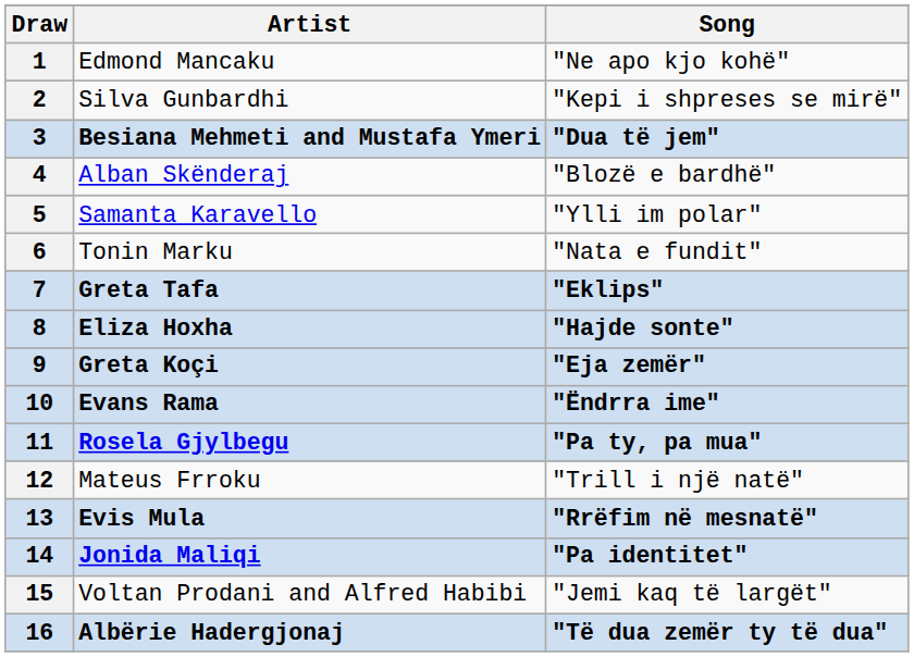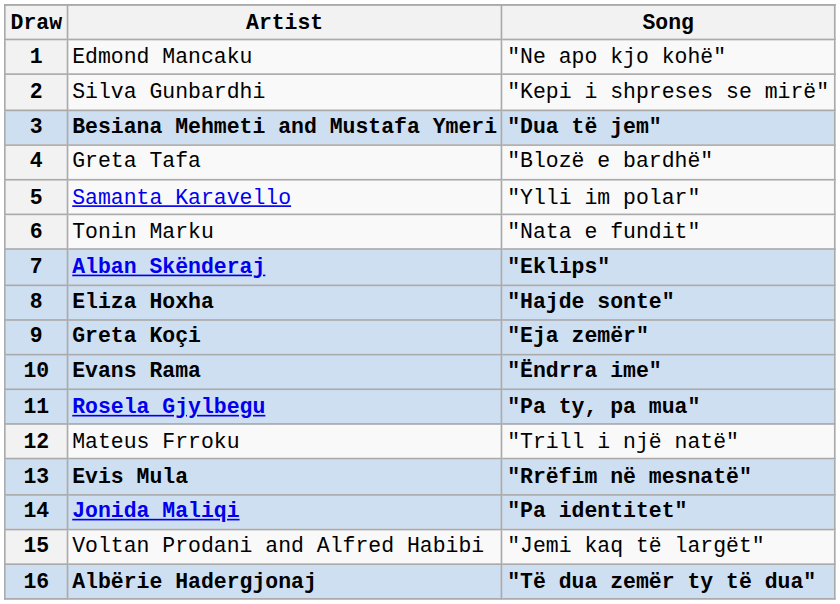 <table class="sortable wikitable plainrowheaders" style="margin: 1em auto 1em auto; text-align:left;">
 <tr>
 </tr>
 <tr>
 <th scope="col">Draw</th>
 <th scope="col">Artist</th>
 <th scope="col">Song</th>
 </tr>
 <tr>
 <th scope="row" style="text-align:center;">1</th>
 <td>Edmond Mancaku</td>
 <td>"Ne apo kjo kohë"</td>
 </tr>
 <tr>
 <th scope="row" style="text-align:center;">2</th>
 <td>Silva Gunbardhi</td>
 <td>"Kepi i shpreses se mirë"</td>
 </tr>
 <tr style="font-weight:bold; background:#CEDFF2;">
 <th scope="row" style="font-weight:bold; background:#CEDFF2; text-align:center;">3</th>
 <td>Besiana Mehmeti and Mustafa Ymeri</td>
 <td>"Dua të jem"</td>
 </tr>
 <tr>
 <th scope="row" style="text-align:center;">4</th>
-<td><a href='#'>Alban Skënderaj</a></td>
+<td>Greta Tafa</td>
 <td>"Blozë e bardhë"</td>
 </tr>
 <tr>
 <th scope="row" style="text-align:center;">5</th>
 <td><a href='#'>Samanta Karavello</a></td>
 <td>"Ylli im polar"</td>
 </tr>
 <tr>
 <th scope="row" style="text-align:center;">6</th>
 <td>Tonin Marku</td>
 <td>"Nata e fundit"</td>
 </tr>
 <tr style="font-weight:bold; background:#CEDFF2;">
 <th scope="row" style="font-weight:bold; background:#CEDFF2; text-align:center;">7</th>
-<td>Greta Tafa</td>
+<td><a href='#'>Alban Skënderaj</a></td>
 <td>"Eklips"</td>
 </tr>
 <tr style="font-weight:bold; background:#CEDFF2;">
 <th scope="row" style="font-weight:bold; background:#CEDFF2; text-align:center;">8</th>
 <td>Eliza Hoxha</td>
 <td>"Hajde sonte"</td>
 </tr>
 <tr style="font-weight:bold; background:#CEDFF2;">
 <th scope="row" style="font-weight:bold; background:#CEDFF2; text-align:center;">9</th>
 <td>Greta Koçi</td>
 <td>"Eja zemër"</td>
 </tr>
 <tr style="font-weight:bold; background:#CEDFF2;">
 <th scope="row" style="font-weight:bold; background:#CEDFF2; text-align:center;">10</th>
 <td>Evans Rama</td>
 <td>"Ëndrra ime"</td>
 </tr>
 <tr style="font-weight:bold; background:#CEDFF2;">
 <th scope="row" style="font-weight:bold; background:#CEDFF2; text-align:center;">11</th>
 <td><a href='#'>Rosela Gjylbegu</a></td>
 <td>"Pa ty, pa mua"</td>
 </tr>
 <tr>
 <th scope="row" style="text-align:center;">12</th>
 <td>Mateus Frroku</td>
 <td>"Trill i një natë"</td>
 </tr>
 <tr style="font-weight:bold; background:#CEDFF2;">
 <th scope="row" style="font-weight:bold; background:#CEDFF2; text-align:center;">13</th>
 <td>Evis Mula</td>
 <td>"Rrëfim në mesnatë"</td>
 </tr>
 <tr style="font-weight:bold; background:#CEDFF2;">
 <th scope="row" style="font-weight:bold; background:#CEDFF2; text-align:center;">14</th>
 <td><a href='#'>Jonida Maliqi</a></td>
 <td>"Pa identitet"</td>
 </tr>
 <tr>
 <th scope="row" style="text-align:center;">15</th>
 <td>Voltan Prodani and Alfred Habibi</td>
 <td>"Jemi kaq të largët"</td>
 </tr>
 <tr style="font-weight:bold; background:#CEDFF2;">
 <th scope="row" style="font-weight:bold; background:#CEDFF2; text-align:center;">16</th>
 <td>Albërie Hadergjonaj</td>
 <td>"Të dua zemër ty të dua"</td>
 </tr>
 </table>
